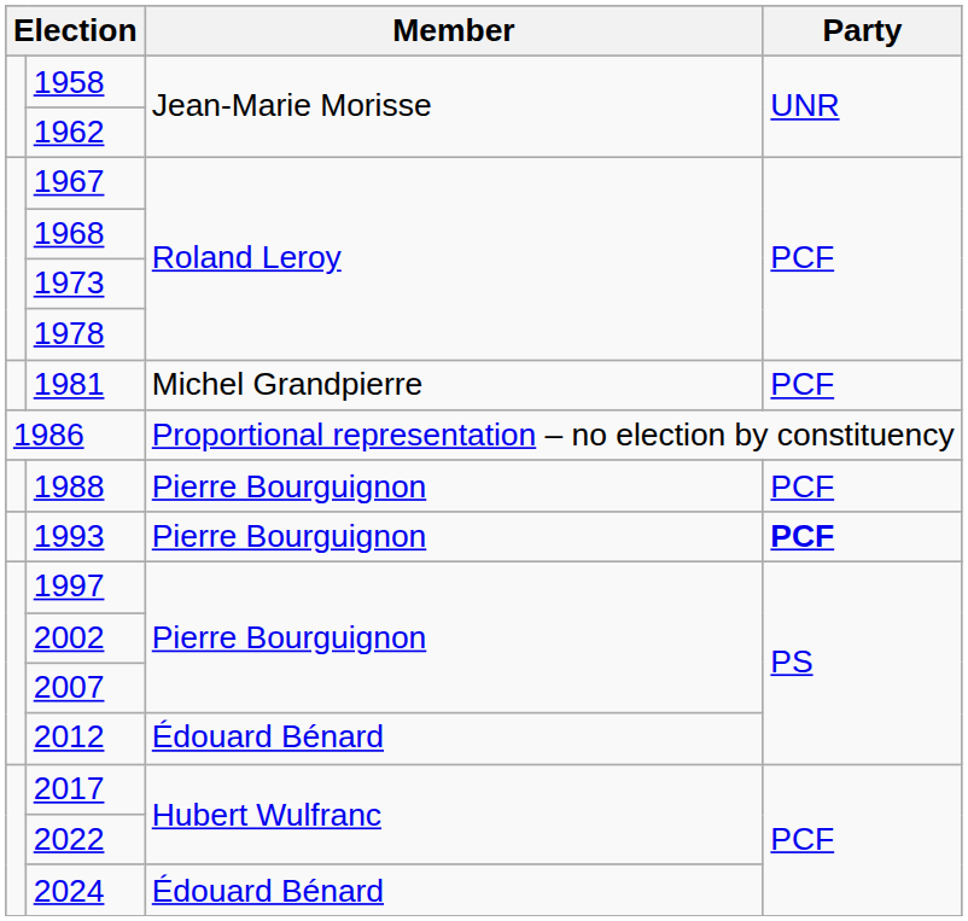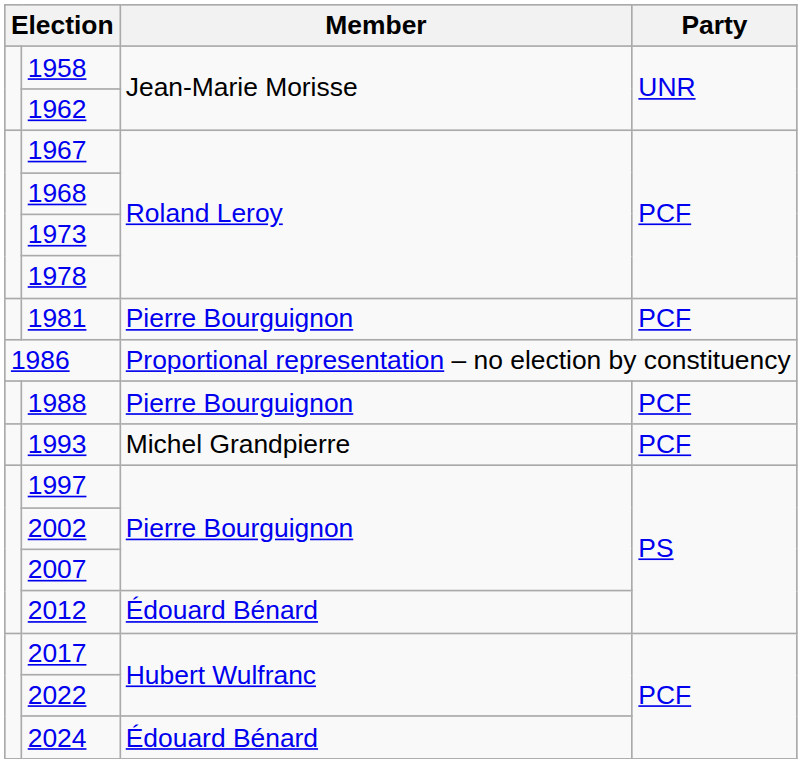 <table class="wikitable">
 <tr>
 <th colspan=2>Election</th>
 <th>Member</th>
 <th>Party</th>
 </tr>
 <tr>
 <td rowspan="2" style="color:inherit;background-color: "></td>
 <td><a href='#'>1958</a></td>
 <td rowspan="2">Jean-Marie Morisse</td>
 <td rowspan="2"><a href='#'>UNR</a></td>
 </tr>
 <tr>
 <td><a href='#'>1962</a></td>
 </tr>
 <tr>
 <td rowspan="4" style="color:inherit;background-color: "></td>
 <td><a href='#'>1967</a></td>
 <td rowspan="4"><a href='#'>Roland Leroy</a></td>
 <td rowspan="4"><a href='#'>PCF</a></td>
 </tr>
 <tr>
 <td><a href='#'>1968</a></td>
 </tr>
 <tr>
 <td><a href='#'>1973</a></td>
 </tr>
 <tr>
 <td><a href='#'>1978</a></td>
 </tr>
 <tr>
 <td style="color:inherit;background-color: "></td>
 <td><a href='#'>1981</a></td>
-<td>Michel Grandpierre</td>
+<td><a href='#'>Pierre Bourguignon</a></td>
 <td><a href='#'>PCF</a></td>
 </tr>
 <tr>
 <td colspan="2"><a href='#'>1986</a></td>
 <td colspan="2"><a href='#'>Proportional representation</a> – no election by constituency</td>
 </tr>
 <tr>
 <td style="background-color: "></td>
 <td><a href='#'>1988</a></td>
 <td><a href='#'>Pierre Bourguignon</a></td>
 <td><a href='#'>PCF</a></td>
 </tr>
 <tr>
 <td style="background-color: "></td>
 <td><a href='#'>1993</a></td>
-<td><a href='#'>Pierre Bourguignon</a></td>
-<td><strong><a href='#'>PCF</a></strong></td>
+<td>Michel Grandpierre</td>
+<td><a href='#'>PCF</a></td>
 </tr>
 <tr>
 <td rowspan="4" style="background-color: "></td>
 <td><a href='#'>1997</a></td>
 <td rowspan="3"><a href='#'>Pierre Bourguignon</a></td>
 <td rowspan="4"><a href='#'>PS</a></td>
 </tr>
 <tr>
 <td><a href='#'>2002</a></td>
 </tr>
 <tr>
 <td><a href='#'>2007</a></td>
 </tr>
 <tr>
 <td><a href='#'>2012</a></td>
 <td><a href='#'>Édouard Bénard</a></td>
 </tr>
 <tr>
 <td rowspan="3" style="background-color: "></td>
 <td><a href='#'>2017</a></td>
 <td rowspan="2"><a href='#'>Hubert Wulfranc</a></td>
 <td rowspan="3"><a href='#'>PCF</a></td>
 </tr>
 <tr>
 <td><a href='#'>2022</a></td>
 </tr>
 <tr>
 <td><a href='#'>2024</a></td>
 <td><a href='#'>Édouard Bénard</a></td>
 </tr>
 </table>
